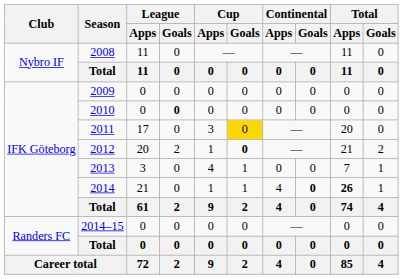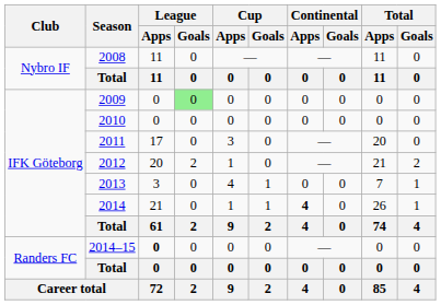 <table class="wikitable" style="text-align:center;">
 <tr>
 <th rowspan="2">Club</th>
 <th rowspan="2">Season</th>
 <th colspan="2">League</th>
 <th colspan="2">Cup</th>
 <th colspan="2">Continental</th>
 <th colspan="2">Total</th>
 </tr>
 <tr>
 <th>Apps</th>
 <th>Goals</th>
 <th>Apps</th>
 <th>Goals</th>
 <th>Apps</th>
 <th>Goals</th>
 <th>Apps</th>
 <th>Goals</th>
 </tr>
 <tr>
 <td rowspan="2"><a href='#'>Nybro IF</a></td>
 <td><a href='#'>2008</a></td>
 <td>11</td>
 <td>0</td>
 <td colspan="2">—</td>
 <td colspan="2">—</td>
 <td>11</td>
 <td>0</td>
 </tr>
 <tr>
 <th>Total</th>
 <th>11</th>
 <th>0</th>
 <th>0</th>
 <th>0</th>
 <th>0</th>
 <th>0</th>
 <th>11</th>
 <th>0</th>
 </tr>
 <tr>
 <td rowspan="7"><a href='#'>IFK Göteborg</a></td>
 <td><a href='#'>2009</a></td>
 <td>0</td>
-<td>0</td>
+<td style="background: lightgreen;">0</td>
 <td>0</td>
 <td>0</td>
 <td>0</td>
 <td>0</td>
 <td>0</td>
 <td>0</td>
 </tr>
 <tr>
 <td><a href='#'>2010</a></td>
 <td>0</td>
-<td><strong>0</strong></td>
+<td>0</td>
 <td>0</td>
 <td>0</td>
 <td>0</td>
 <td>0</td>
 <td>0</td>
 <td>0</td>
 </tr>
 <tr>
 <td><a href='#'>2011</a></td>
 <td>17</td>
 <td>0</td>
 <td>3</td>
-<td style="background: gold;">0</td>
+<td>0</td>
 <td colspan="2">—</td>
 <td>20</td>
 <td>0</td>
 </tr>
 <tr>
 <td><a href='#'>2012</a></td>
 <td>20</td>
 <td>2</td>
 <td>1</td>
-<td><strong>0</strong></td>
+<td>0</td>
 <td colspan="2">—</td>
 <td>21</td>
 <td>2</td>
 </tr>
 <tr>
 <td><a href='#'>2013</a></td>
 <td>3</td>
 <td>0</td>
 <td>4</td>
 <td>1</td>
 <td>0</td>
 <td>0</td>
 <td>7</td>
 <td>1</td>
 </tr>
 <tr>
 <td><a href='#'>2014</a></td>
 <td>21</td>
 <td>0</td>
 <td>1</td>
 <td>1</td>
-<td>4</td>
-<td><strong>0</strong></td>
-<td><strong>26</strong></td>
+<td><strong>4</strong></td>
+<td>0</td>
+<td>26</td>
 <td>1</td>
 </tr>
 <tr>
 <th>Total</th>
 <th>61</th>
 <th>2</th>
 <th>9</th>
 <th>2</th>
 <th>4</th>
 <th>0</th>
 <th>74</th>
 <th>4</th>
 </tr>
 <tr>
 <td rowspan="2"><a href='#'>Randers FC</a></td>
 <td><a href='#'>2014–15</a></td>
-<td>0</td>
+<td><strong>0</strong></td>
 <td>0</td>
 <td>0</td>
 <td>0</td>
 <td colspan="2">—</td>
 <td>0</td>
 <td>0</td>
 </tr>
 <tr>
 <th>Total</th>
 <th>0</th>
 <th>0</th>
 <th>0</th>
 <th>0</th>
 <th>0</th>
 <th>0</th>
 <th>0</th>
 <th>0</th>
 </tr>
 <tr>
 <th colspan="2">Career total</th>
 <th>72</th>
 <th>2</th>
 <th>9</th>
 <th>2</th>
 <th>4</th>
 <th>0</th>
 <th>85</th>
 <th>4</th>
 </tr>
 </table>
